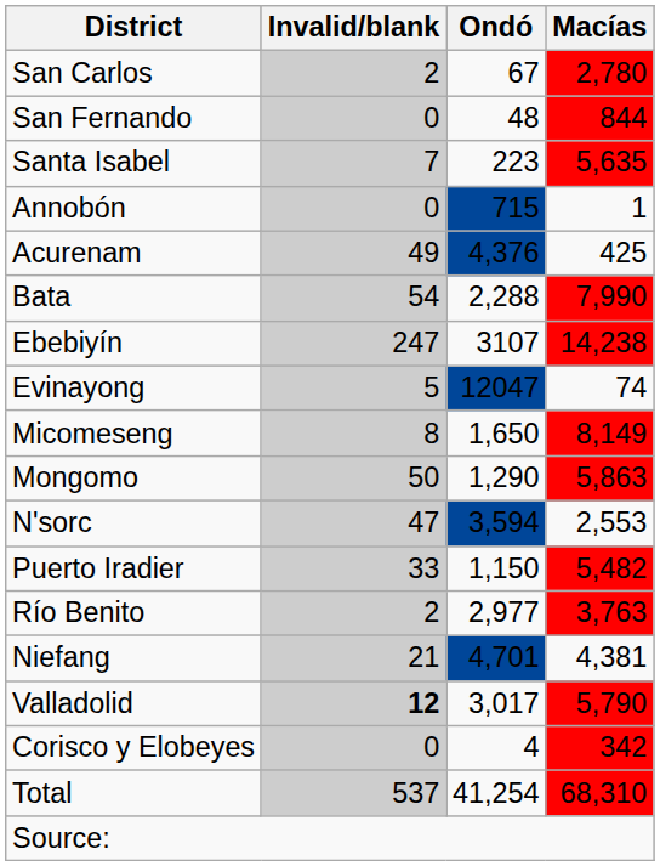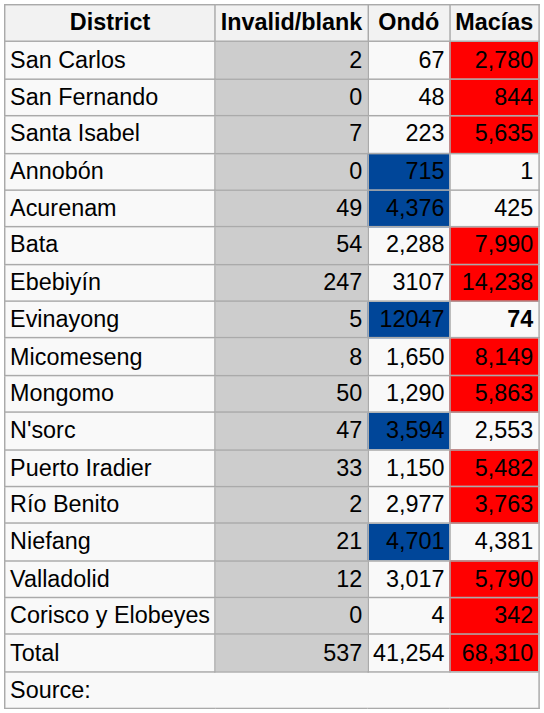 <table class=wikitable style=text-align:right>
 <tr>
 <th>District</th>
 <th>Invalid/blank</th>
 <th>Ondó</th>
 <th>Macías</th>
 </tr>
 <tr>
 <td align=left>San Carlos</td>
 <td bgcolor=#cdcdcd>2</td>
 <td>67</td>
 <td bgcolor=#ff0000>2,780</td>
 </tr>
 <tr>
 <td align=left>San Fernando</td>
 <td bgcolor=#cdcdcd>0</td>
 <td>48</td>
 <td bgcolor=#ff0000>844</td>
 </tr>
 <tr>
 <td align=left>Santa Isabel</td>
 <td bgcolor=#cdcdcd>7</td>
 <td>223</td>
 <td bgcolor=#ff0000>5,635</td>
 </tr>
 <tr>
 <td align=left>Annobón</td>
 <td bgcolor=#cdcdcd>0</td>
 <td bgcolor=#004699>715</td>
 <td>1</td>
 </tr>
 <tr>
 <td align=left>Acurenam</td>
 <td bgcolor=#cdcdcd>49</td>
 <td bgcolor=#004699>4,376</td>
 <td>425</td>
 </tr>
 <tr>
 <td align=left>Bata</td>
 <td bgcolor=#cdcdcd>54</td>
 <td>2,288</td>
 <td bgcolor=#ff0000>7,990</td>
 </tr>
 <tr>
 <td align=left>Ebebiyín</td>
 <td bgcolor=#cdcdcd>247</td>
 <td>3107</td>
 <td bgcolor=#ff0000>14,238</td>
 </tr>
 <tr>
 <td align=left>Evinayong</td>
 <td bgcolor=#cdcdcd>5</td>
 <td bgcolor=#004699>12047</td>
-<td>74</td>
+<td><strong>74</strong></td>
 </tr>
 <tr>
 <td align=left>Micomeseng</td>
 <td bgcolor=#cdcdcd>8</td>
 <td>1,650</td>
 <td bgcolor=#ff0000>8,149</td>
 </tr>
 <tr>
 <td align=left>Mongomo</td>
 <td bgcolor=#cdcdcd>50</td>
 <td>1,290</td>
 <td bgcolor=#ff0000>5,863</td>
 </tr>
 <tr>
 <td align=left>N'sorc</td>
 <td bgcolor=#cdcdcd>47</td>
 <td bgcolor=#004699>3,594</td>
 <td>2,553</td>
 </tr>
 <tr>
 <td align=left>Puerto Iradier</td>
 <td bgcolor=#cdcdcd>33</td>
 <td>1,150</td>
 <td bgcolor=#ff0000>5,482</td>
 </tr>
 <tr>
 <td align=left>Río Benito</td>
 <td bgcolor=#cdcdcd>2</td>
 <td>2,977</td>
 <td bgcolor=#ff0000>3,763</td>
 </tr>
 <tr>
 <td align=left>Niefang</td>
 <td bgcolor=#cdcdcd>21</td>
 <td bgcolor=#004699>4,701</td>
 <td>4,381</td>
 </tr>
 <tr>
 <td align=left>Valladolid</td>
-<td bgcolor=#cdcdcd><strong>12</strong></td>
+<td bgcolor=#cdcdcd>12</td>
 <td>3,017</td>
 <td bgcolor=#ff0000>5,790</td>
 </tr>
 <tr>
 <td align=left>Corisco y Elobeyes</td>
 <td bgcolor=#cdcdcd>0</td>
 <td>4</td>
 <td bgcolor=#ff0000>342</td>
 </tr>
 <tr>
 <td align=left>Total</td>
 <td bgcolor=#cdcdcd>537</td>
 <td>41,254</td>
 <td bgcolor=#ff0000>68,310</td>
 </tr>
 <tr>
 <td colspan=6 align=left>Source: </td>
 </tr>
 </table>
